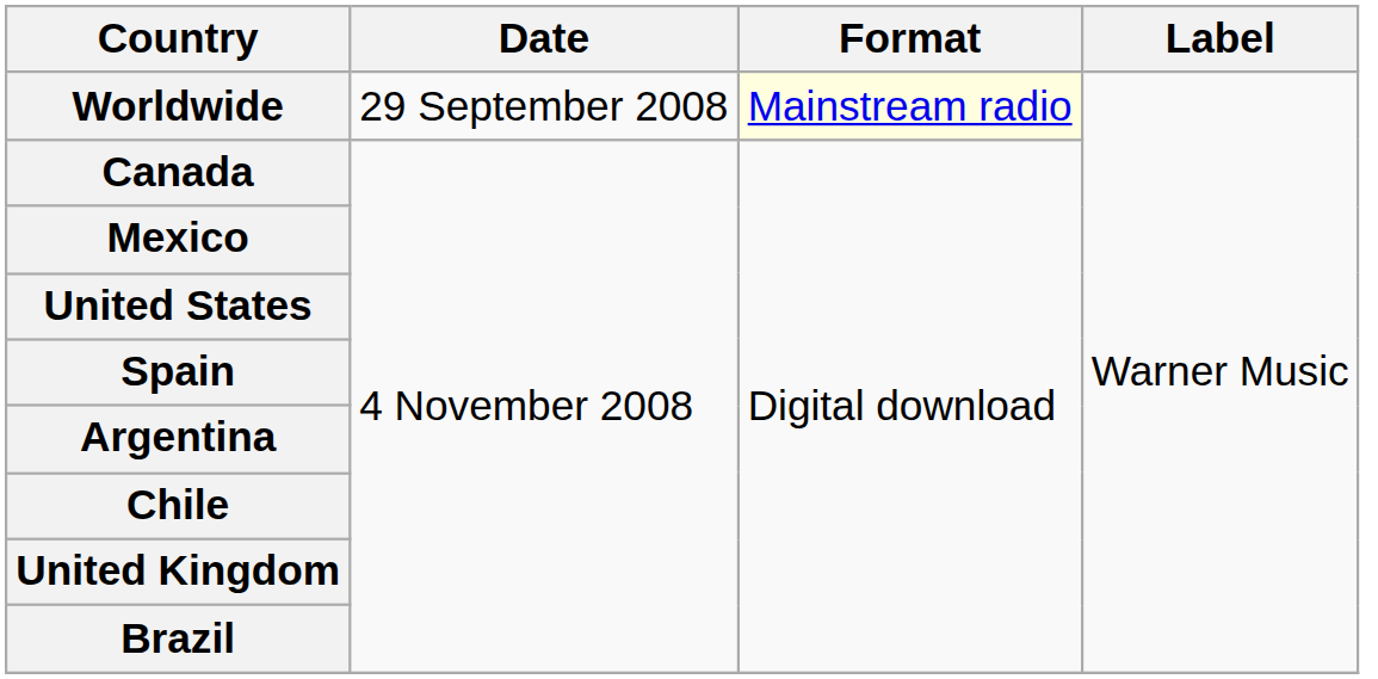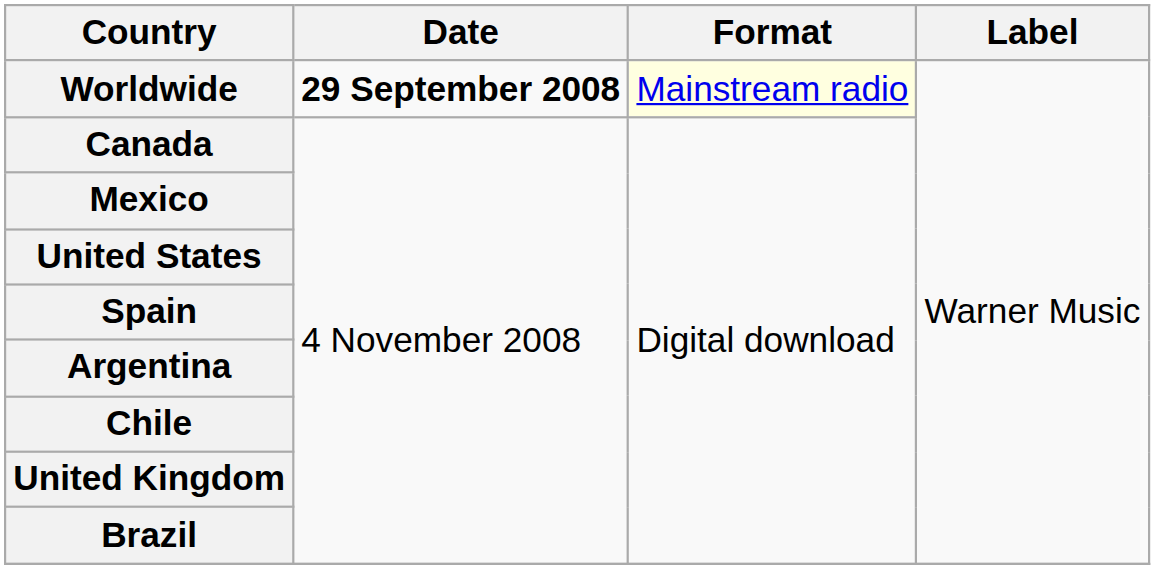 <table class="wikitable plainrowheaders">
 <tr>
 <th scope="col">Country</th>
 <th scope="col">Date</th>
 <th scope="col">Format</th>
 <th scope="col">Label</th>
 </tr>
 <tr>
 <th scope="row">Worldwide</th>
-<td rowspan="">29 September 2008</td>
+<td rowspan=""><strong>29 September 2008</strong></td>
 <td rowspan="" style="background: lightyellow;"><a href='#'>Mainstream radio</a></td>
 <td rowspan="9">Warner Music</td>
 </tr>
 <tr>
 <th scope="row">Canada</th>
 <td rowspan="8">4 November 2008</td>
 <td rowspan="8">Digital download</td>
 </tr>
 <tr>
 <th scope="row">Mexico</th>
 </tr>
 <tr>
 <th scope="row">United States</th>
 </tr>
 <tr>
 <th scope="row">Spain</th>
 </tr>
 <tr>
 <th scope="row">Argentina</th>
 </tr>
 <tr>
 <th scope="row">Chile</th>
 </tr>
 <tr>
 <th scope="row">United Kingdom</th>
 </tr>
 <tr>
 <th scope="row">Brazil</th>
 </tr>
 <tr>
 </tr>
 </table>
